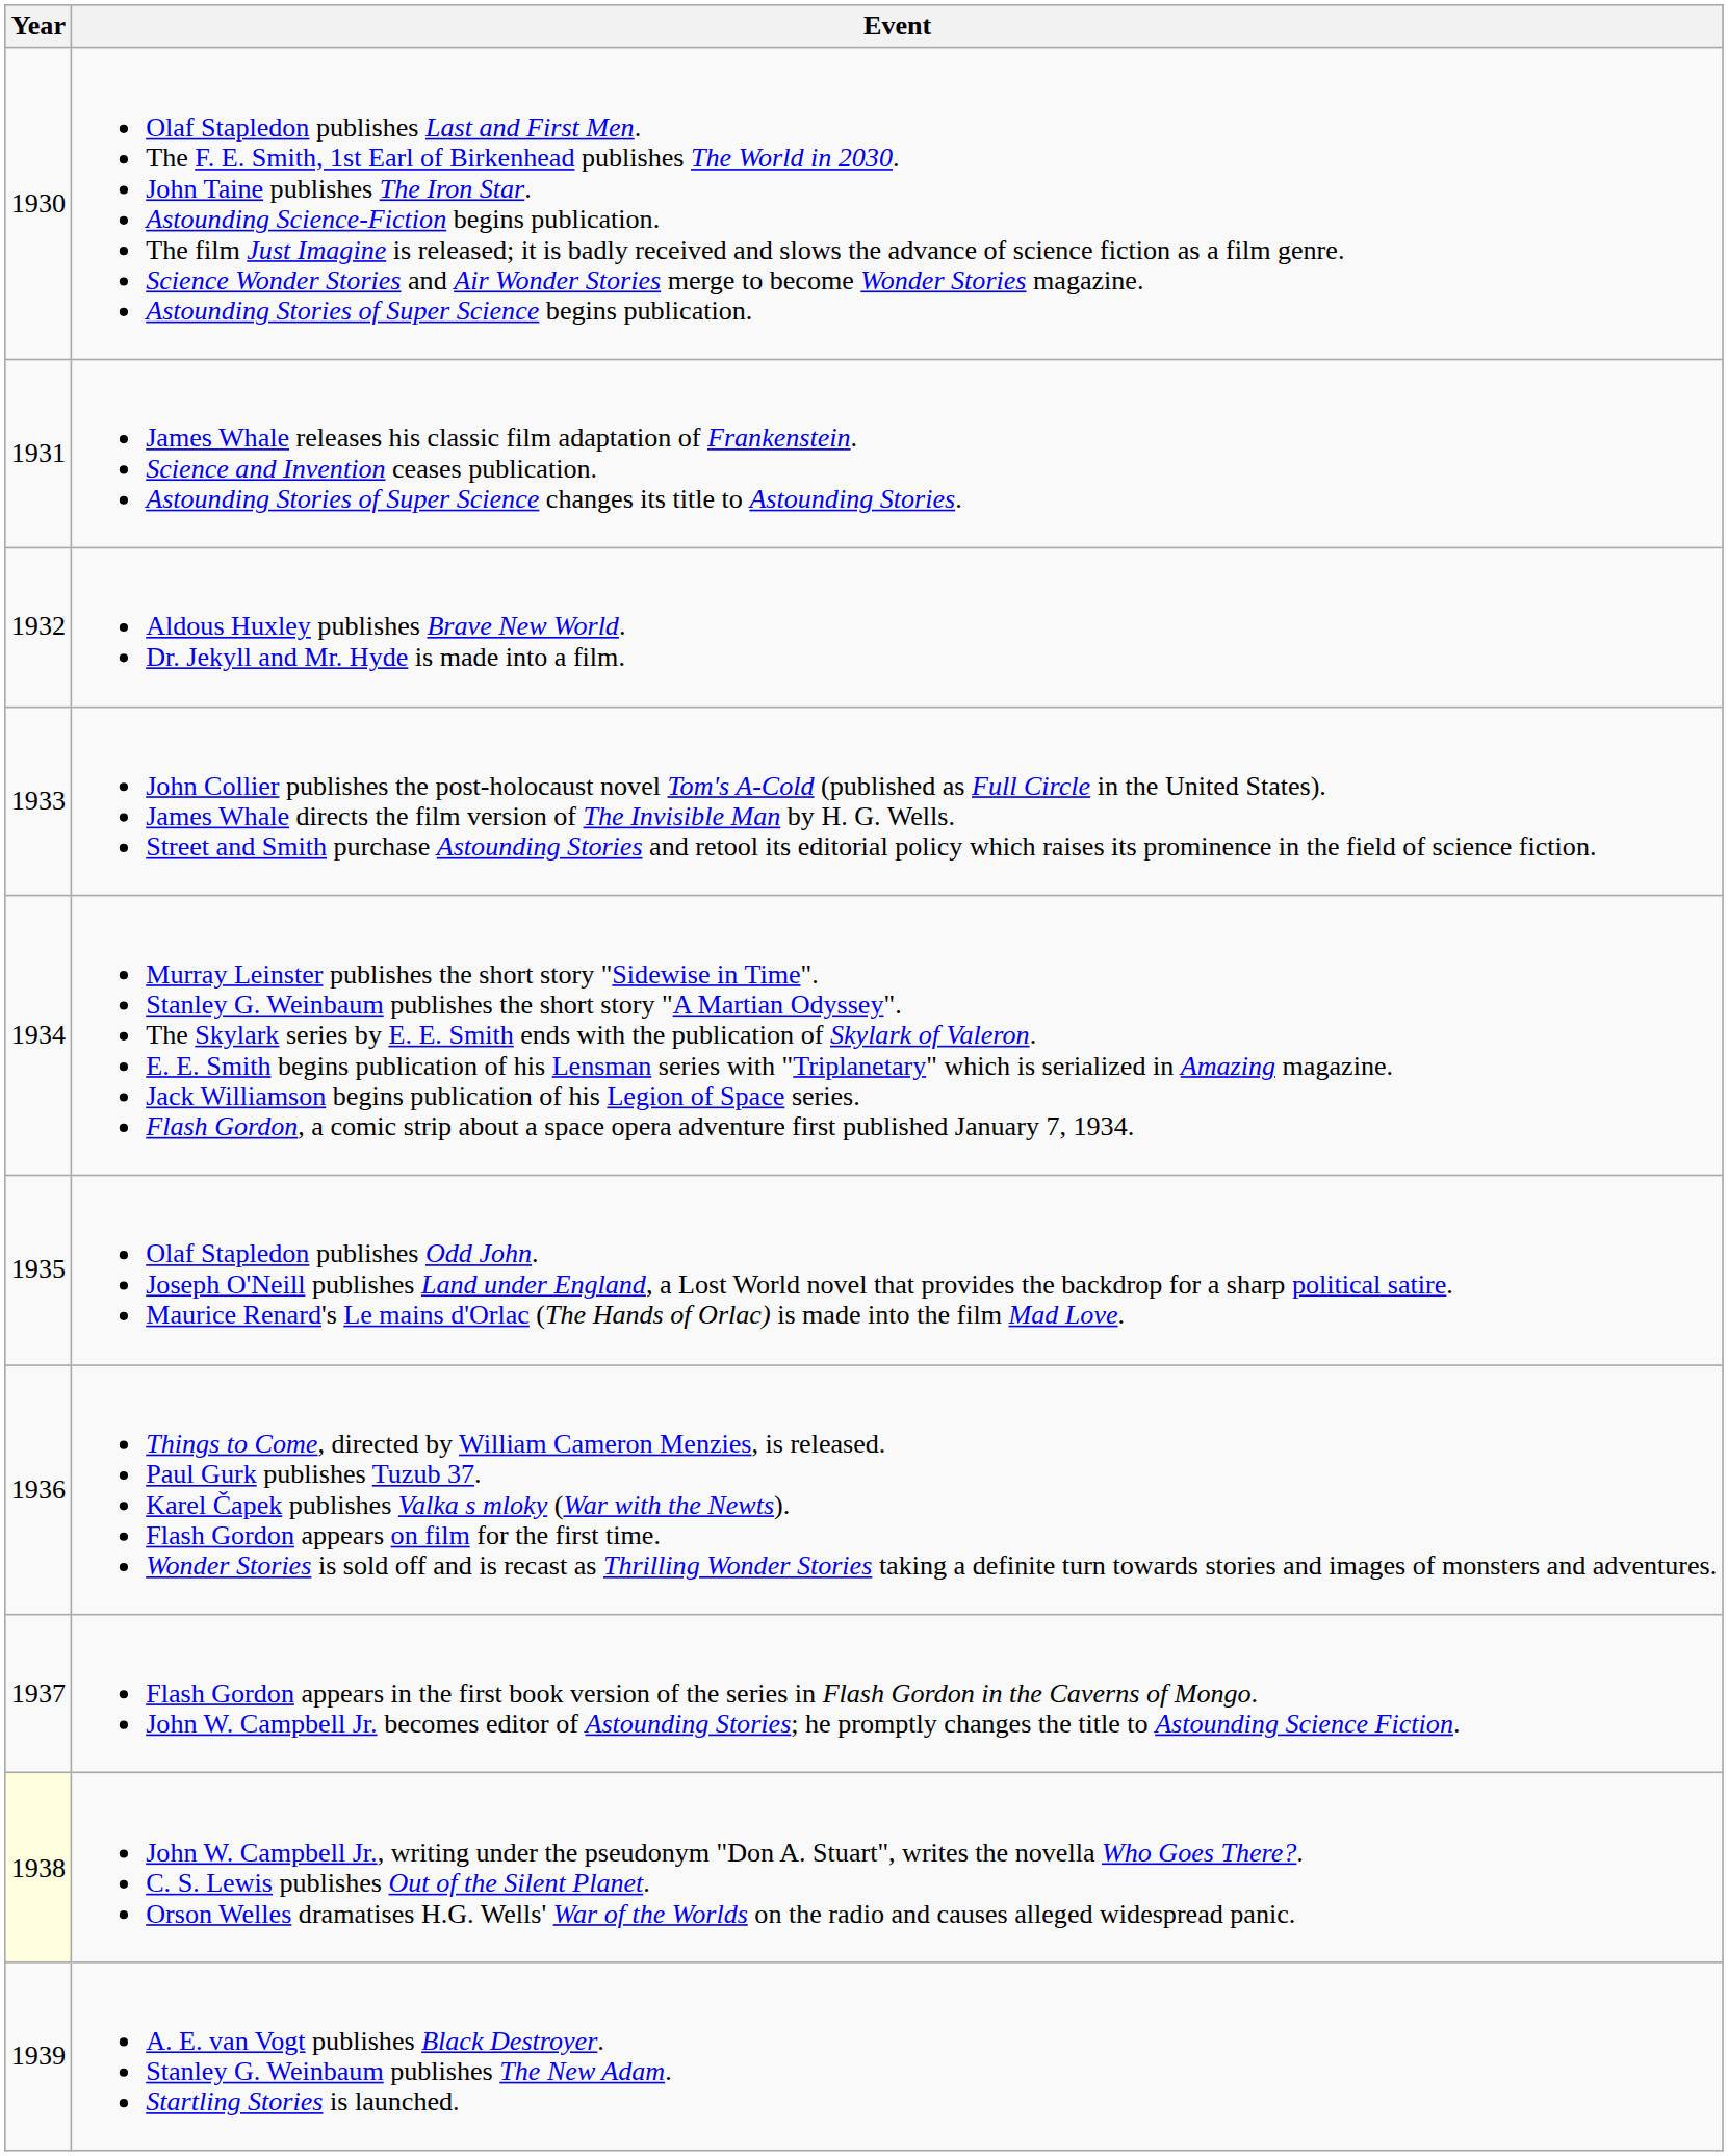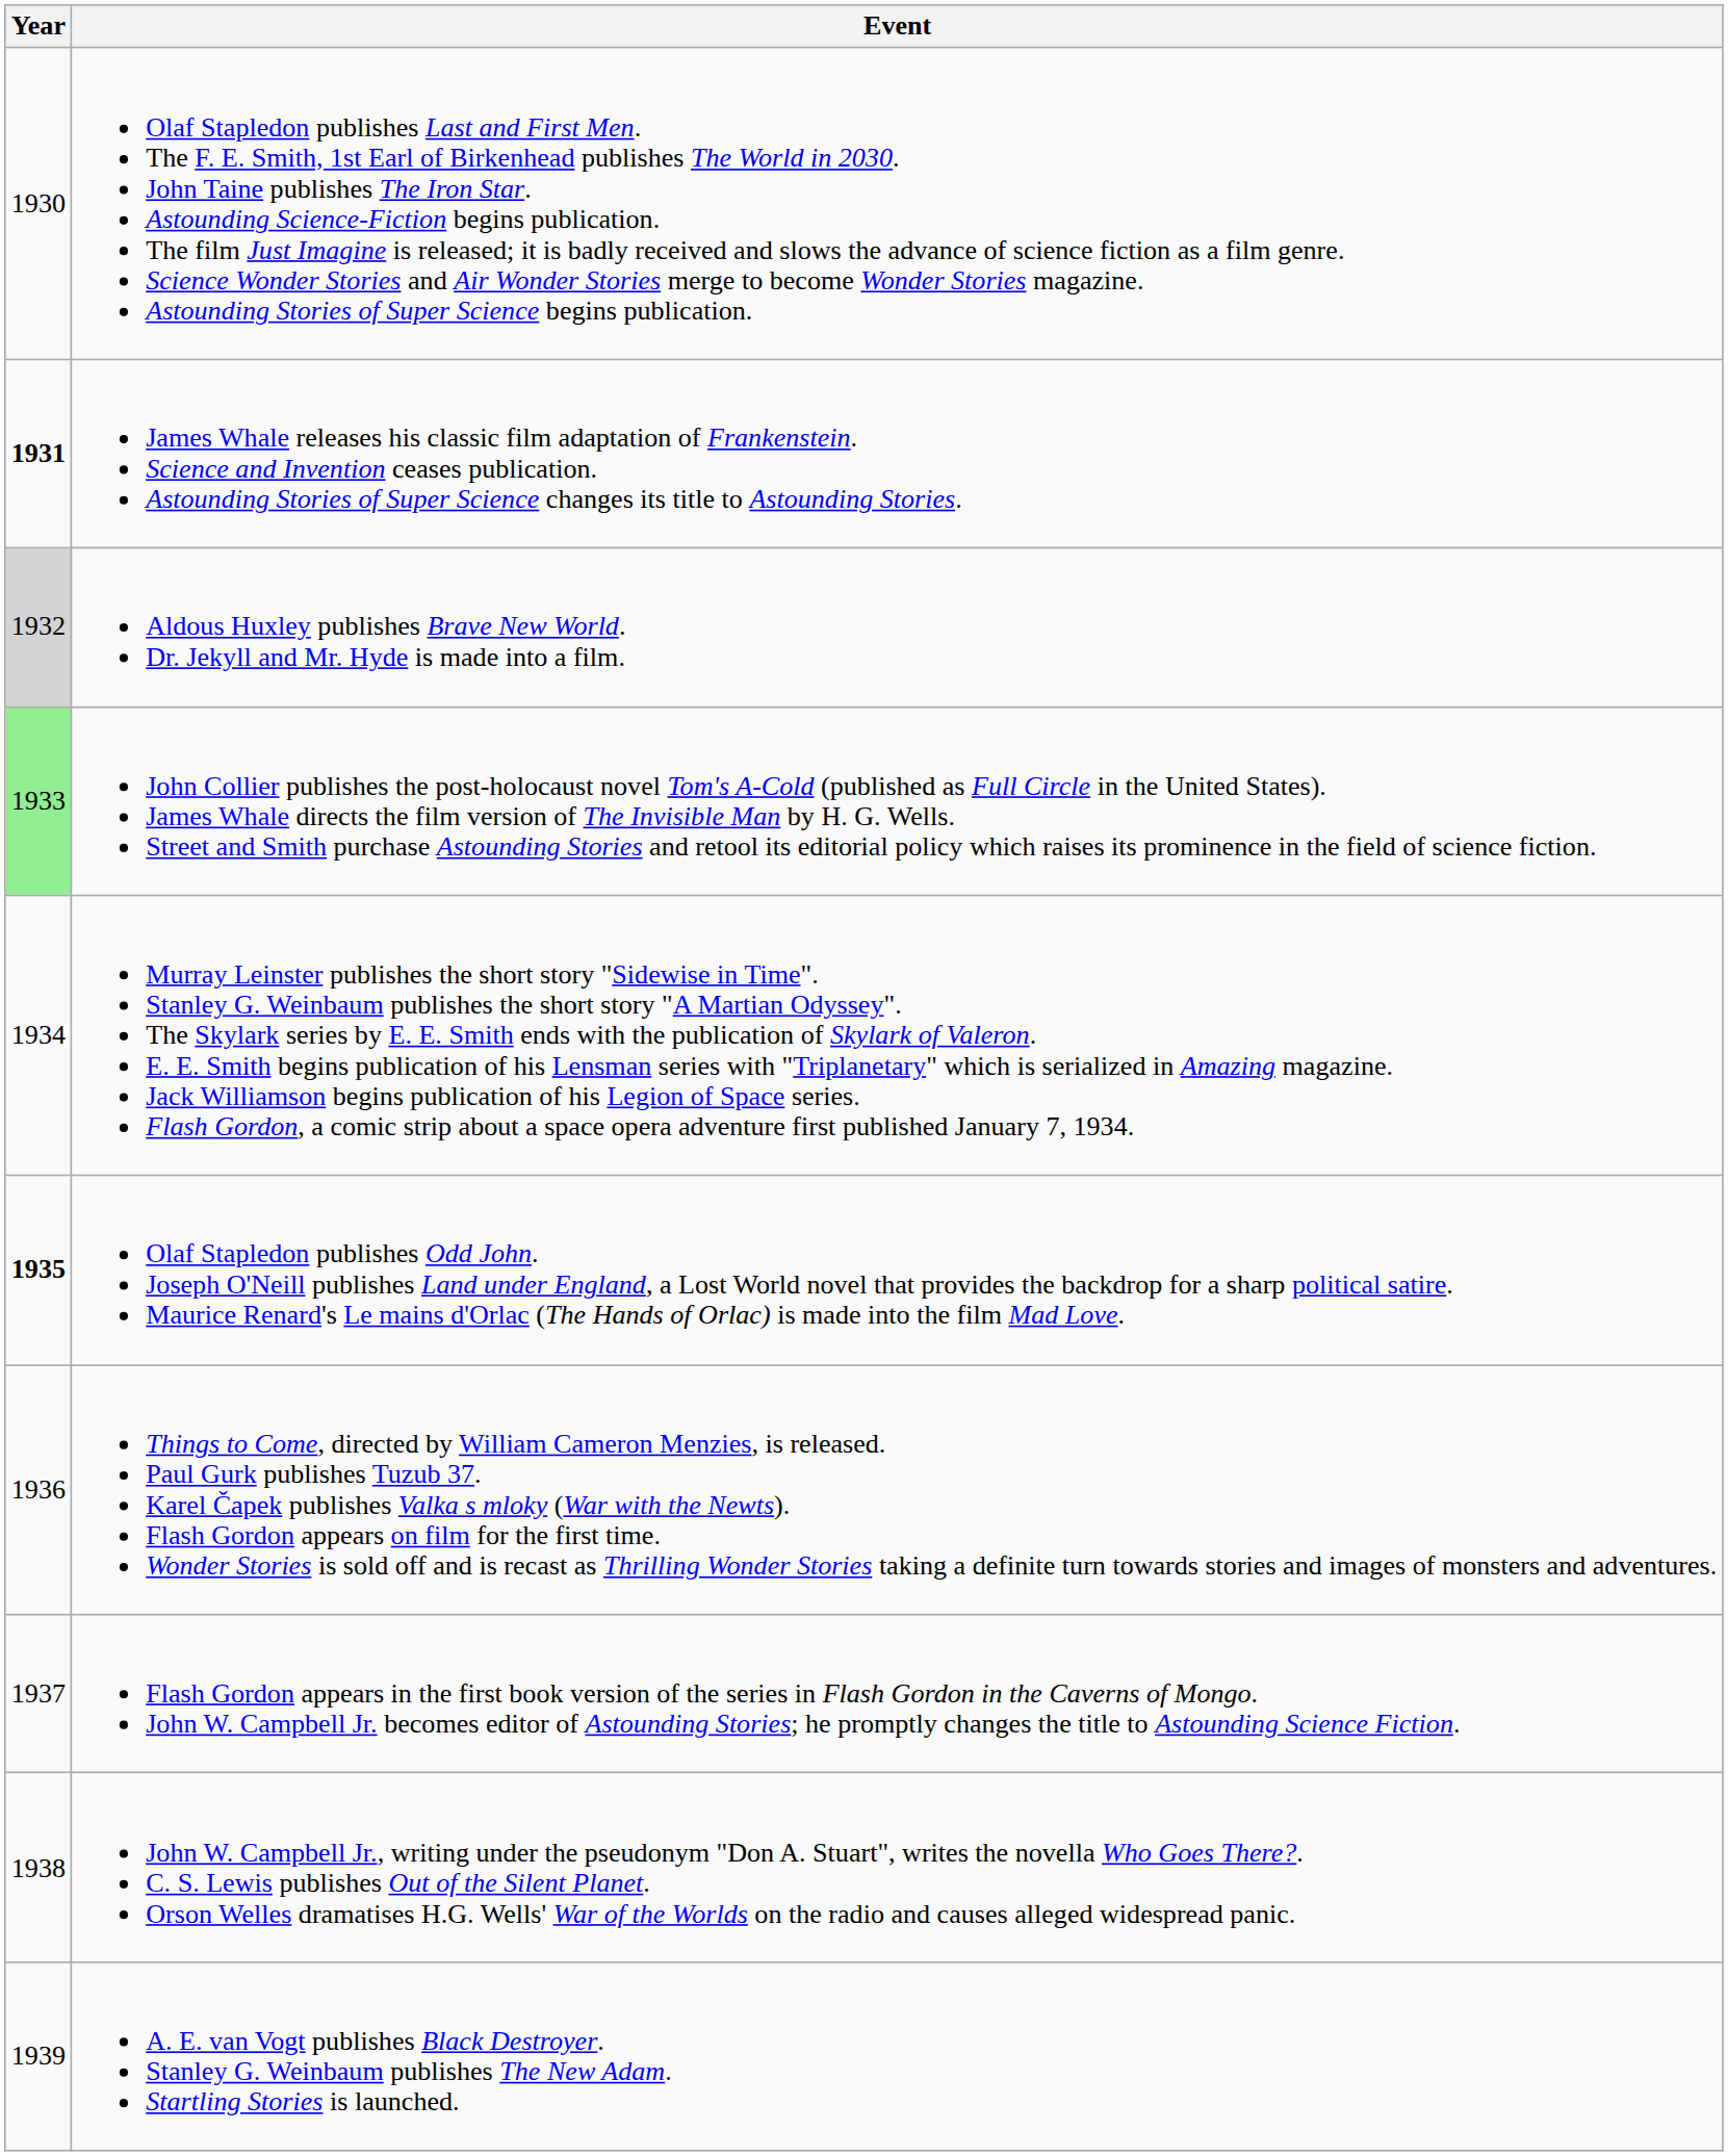 <table class="wikitable">
 <tr>
 <th scope="col">Year</th>
 <th scope="col">Event</th>
 </tr>
 <tr>
 <td>1930</td>
 <td><br><ul><li><a href='#'>Olaf Stapledon</a> publishes <em><a href='#'>Last and First Men</a></em>.</li><li>The <a href='#'>F. E. Smith, 1st Earl of Birkenhead</a> publishes <em><a href='#'>The World in 2030</a></em>.</li><li><a href='#'>John Taine</a> publishes <em><a href='#'>The Iron Star</a></em>.</li><li><em><a href='#'>Astounding Science-Fiction</a></em> begins publication.</li><li>The film <em><a href='#'>Just Imagine</a></em> is released; it is badly received and slows the advance of science fiction as a film genre.</li><li><em><a href='#'>Science Wonder Stories</a></em> and <em><a href='#'>Air Wonder Stories</a></em> merge to become <em><a href='#'>Wonder Stories</a></em> magazine.</li><li><em><a href='#'>Astounding Stories of Super Science</a></em> begins publication.</li></ul></td>
 </tr>
 <tr>
-<td>1931</td>
+<td><strong>1931</strong></td>
 <td><br><ul><li><a href='#'>James Whale</a> releases his classic film adaptation of <em><a href='#'>Frankenstein</a></em>.</li><li><em><a href='#'>Science and Invention</a></em> ceases publication.</li><li><em><a href='#'>Astounding Stories of Super Science</a></em> changes its title to <em><a href='#'>Astounding Stories</a></em>.</li></ul></td>
 </tr>
 <tr>
-<td>1932</td>
+<td style="background: lightgrey;">1932</td>
 <td><br><ul><li><a href='#'>Aldous Huxley</a> publishes <em><a href='#'>Brave New World</a></em>.</li><li><a href='#'>Dr. Jekyll and Mr. Hyde</a> is made into a film.</li></ul></td>
 </tr>
 <tr>
-<td>1933</td>
+<td style="background: lightgreen;">1933</td>
 <td><br><ul><li><a href='#'>John Collier</a> publishes the post-holocaust novel <em><a href='#'>Tom's A-Cold</a></em> (published as <em><a href='#'>Full Circle</a></em> in the United States).</li><li><a href='#'>James Whale</a> directs the film version of <em><a href='#'>The Invisible Man</a></em> by H. G. Wells.</li><li><a href='#'>Street and Smith</a> purchase <em><a href='#'>Astounding Stories</a></em> and retool its editorial policy which raises its prominence in the field of science fiction.</li></ul></td>
 </tr>
 <tr>
 <td>1934</td>
 <td><br><ul><li><a href='#'>Murray Leinster</a> publishes the short story "<a href='#'>Sidewise in Time</a>".</li><li><a href='#'>Stanley G. Weinbaum</a> publishes the short story "<a href='#'>A Martian Odyssey</a>".</li><li>The <a href='#'>Skylark</a> series by <a href='#'>E. E. Smith</a> ends with the publication of <em><a href='#'>Skylark of Valeron</a></em>.</li><li><a href='#'>E. E. Smith</a> begins publication of his <a href='#'>Lensman</a> series with "<a href='#'>Triplanetary</a>" which is serialized in <em><a href='#'>Amazing</a></em> magazine.</li><li><a href='#'>Jack Williamson</a> begins publication of his <a href='#'>Legion of Space</a> series.</li><li><em><a href='#'>Flash Gordon</a></em>, a comic strip about a space opera adventure first published January 7, 1934.</li></ul></td>
 </tr>
 <tr>
-<td>1935</td>
+<td><strong>1935</strong></td>
 <td><br><ul><li><a href='#'>Olaf Stapledon</a> publishes <em><a href='#'>Odd John</a></em>.</li><li><a href='#'>Joseph O'Neill</a> publishes <em><a href='#'>Land under England</a></em>, a Lost World novel that provides the backdrop for a sharp <a href='#'>political satire</a>.</li><li><a href='#'>Maurice Renard</a>'s <a href='#'>Le mains d'Orlac</a> (<em>The Hands of Orlac)</em> is made into the film <em><a href='#'>Mad Love</a></em>.</li></ul></td>
 </tr>
 <tr>
 <td>1936</td>
 <td><br><ul><li><em><a href='#'>Things to Come</a></em>, directed by <a href='#'>William Cameron Menzies</a>, is released.</li><li><a href='#'>Paul Gurk</a> publishes <a href='#'>Tuzub 37</a>.</li><li><a href='#'>Karel Čapek</a> publishes <em><a href='#'>Valka s mloky</a></em> (<em><a href='#'>War with the Newts</a></em>).</li><li><a href='#'>Flash Gordon</a> appears <a href='#'>on film</a> for the first time.</li><li><em><a href='#'>Wonder Stories</a></em> is sold off and is recast as <em><a href='#'>Thrilling Wonder Stories</a></em> taking a definite turn towards stories and images of monsters and adventures.</li></ul></td>
 </tr>
 <tr>
 <td>1937</td>
 <td><br><ul><li><a href='#'>Flash Gordon</a> appears in the first book version of the series in <em>Flash Gordon in the Caverns of Mongo</em>.</li><li><a href='#'>John W. Campbell Jr.</a> becomes editor of <em><a href='#'>Astounding Stories</a></em>; he promptly changes the title to <em><a href='#'>Astounding Science Fiction</a></em>.</li></ul></td>
 </tr>
 <tr>
-<td style="background: lightyellow;">1938</td>
+<td>1938</td>
 <td><br><ul><li><a href='#'>John W. Campbell Jr.</a>, writing under the pseudonym "Don A. Stuart", writes the novella <em><a href='#'>Who Goes There?</a></em>.</li><li><a href='#'>C. S. Lewis</a> publishes <em><a href='#'>Out of the Silent Planet</a></em>.</li><li><a href='#'>Orson Welles</a> dramatises H.G. Wells' <em><a href='#'>War of the Worlds</a></em> on the radio and causes alleged widespread panic.</li></ul></td>
 </tr>
 <tr>
 <td>1939</td>
 <td><br><ul><li><a href='#'>A. E. van Vogt</a> publishes <em><a href='#'>Black Destroyer</a></em>.</li><li><a href='#'>Stanley G. Weinbaum</a> publishes <em><a href='#'>The New Adam</a></em>.</li><li><em><a href='#'>Startling Stories</a></em> is launched.</li></ul></td>
 </tr>
 </table>
